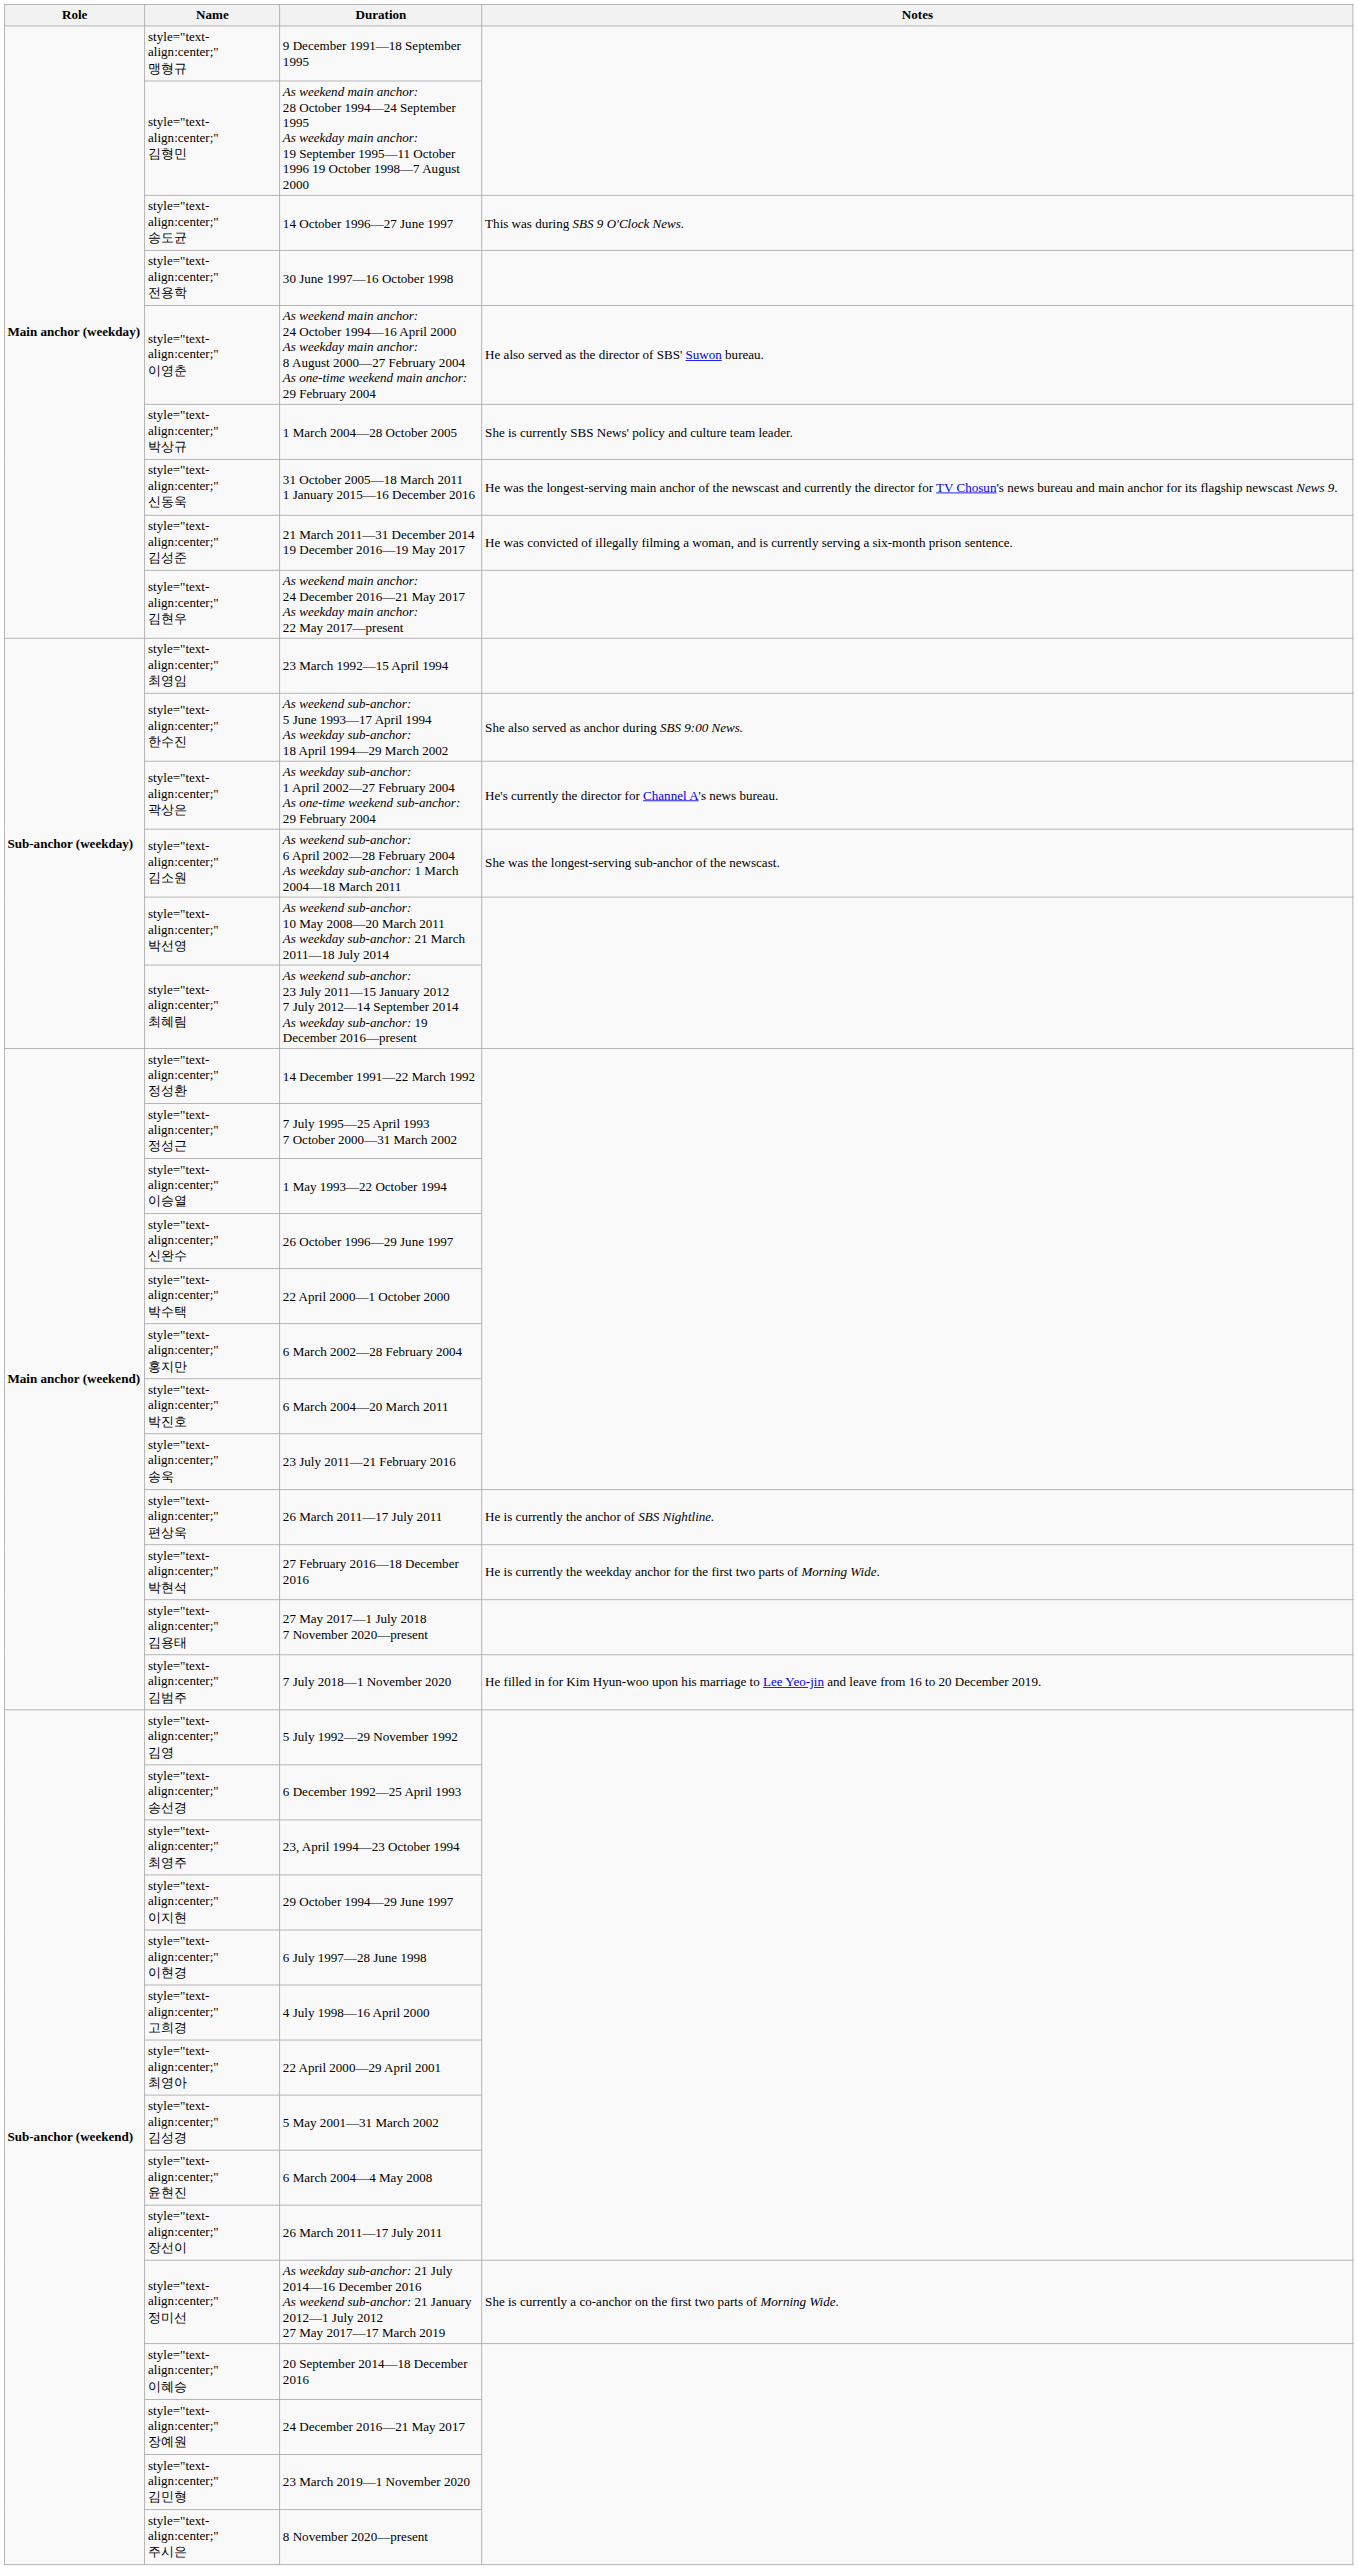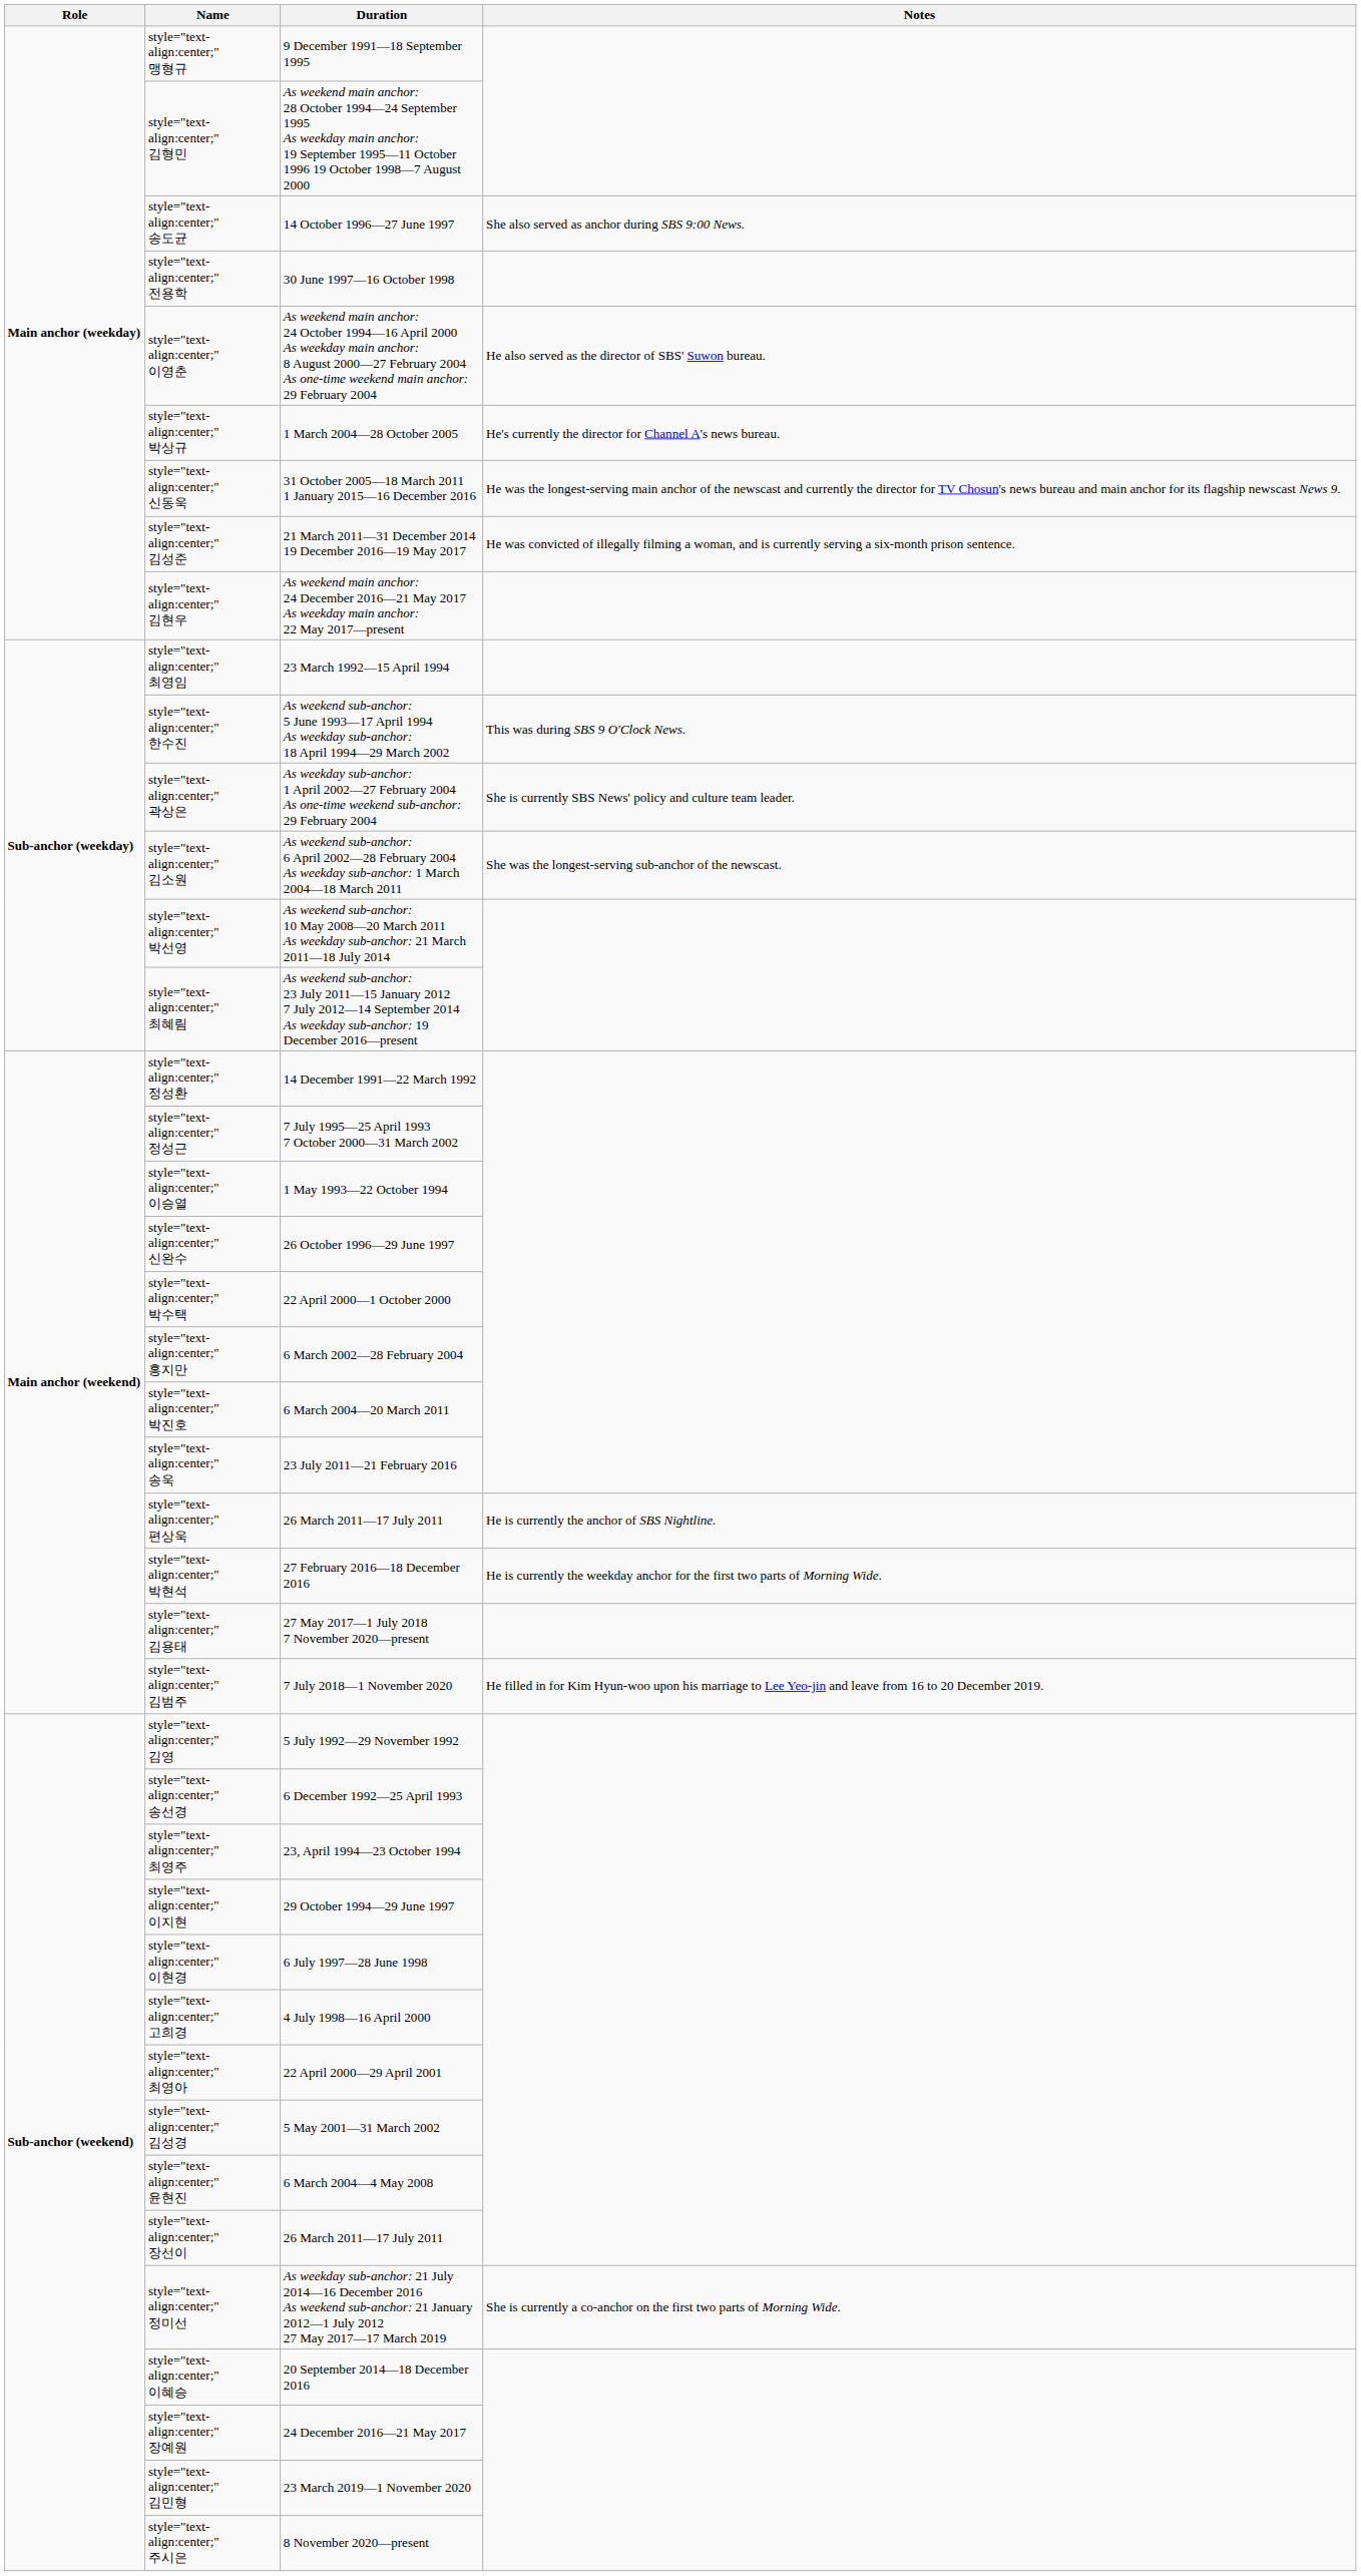 <table class="wikitable" style="font-size:95%;">
 <tr>
 <th>Role</th>
 <th style="width:10%; text-align:center;">Name</th>
 <th style="width:15%; text-align:center;">Duration</th>
 <th>Notes</th>
 </tr>
 <tr>
 <td rowspan="9"><strong>Main anchor (weekday)</strong></td>
 <td>style="text-align:center;" <br>맹형규</td>
 <td>9 December 1991—18 September 1995</td>
 <td rowspan="2"></td>
 </tr>
 <tr>
 <td>style="text-align:center;" <br>김형민</td>
 <td><em>As weekend main anchor:</em><br>28 October 1994—24 September 1995<br><em>As weekday main anchor:</em><br>19 September 1995—11 October 1996 19 October 1998—7 August 2000</td>
 </tr>
 <tr>
 <td>style="text-align:center;" <br>송도균</td>
 <td>14 October 1996—27 June 1997</td>
-<td>This was during <em>SBS 9 O'Clock News.</em></td>
+<td>She also served as anchor during <em>SBS 9:00 News.</em></td>
 </tr>
 <tr>
 <td>style="text-align:center;" <br>전용학</td>
 <td>30 June 1997—16 October 1998</td>
 <td></td>
 </tr>
 <tr>
 <td>style="text-align:center;" <br>이영춘</td>
 <td><em>As weekend main anchor:</em><br>24 October 1994—16 April 2000<br><em>As weekday main anchor:</em><br>8 August 2000—27 February 2004<br><em>As one-time weekend main anchor:</em><br>29 February 2004</td>
 <td>He also served as the director of SBS' <a href='#'>Suwon</a> bureau.</td>
 </tr>
 <tr>
 <td>style="text-align:center;" <br>박상규</td>
 <td>1 March 2004—28 October 2005</td>
-<td>She is currently SBS News' policy and culture team leader.</td>
+<td>He's currently the director for <a href='#'>Channel A</a>'s news bureau.</td>
 </tr>
 <tr>
 <td>style="text-align:center;" <br>신동욱</td>
 <td>31 October 2005—18 March 2011<br>1 January 2015—16 December 2016</td>
 <td>He was the longest-serving main anchor of the newscast and currently the director for <a href='#'>TV Chosun</a>'s news bureau and main anchor for its flagship newscast <em>News 9</em>.</td>
 </tr>
 <tr>
 <td>style="text-align:center;" <br>김성준</td>
 <td>21 March 2011—31 December 2014<br>19 December 2016—19 May 2017</td>
 <td>He was convicted of illegally filming a woman, and is currently serving a six-month prison sentence.</td>
 </tr>
 <tr>
 <td>style="text-align:center;" <br>김현우</td>
 <td><em>As weekend main anchor:</em><br>24 December 2016—21 May 2017<br><em>As weekday main anchor:</em><br>22 May 2017—present</td>
 <td></td>
 </tr>
 <tr>
 <td rowspan="6"><strong>Sub-anchor (weekday)</strong></td>
 <td>style="text-align:center;" <br>최영임</td>
 <td>23 March 1992—15 April 1994</td>
 <td></td>
 </tr>
 <tr>
 <td>style="text-align:center;" <br>한수진</td>
 <td><em>As weekend sub-anchor:</em><br>5 June 1993—17 April 1994<br><em>As weekday sub-anchor:</em><br>18 April 1994—29 March 2002</td>
-<td>She also served as anchor during <em>SBS 9:00 News.</em></td>
+<td>This was during <em>SBS 9 O'Clock News.</em></td>
 </tr>
 <tr>
 <td>style="text-align:center;" <br>곽상은</td>
 <td><em>As weekday sub-anchor:</em><br>1 April 2002—27 February 2004<br><em>As one-time weekend sub-anchor:</em><br>29 February 2004</td>
-<td>He's currently the director for <a href='#'>Channel A</a>'s news bureau.</td>
+<td>She is currently SBS News' policy and culture team leader.</td>
 </tr>
 <tr>
 <td>style="text-align:center;" <br>김소원</td>
 <td><em>As weekend sub-anchor:</em><br>6 April 2002—28 February 2004<br><em>As weekday sub-anchor:</em> 1 March 2004—18 March 2011</td>
 <td>She was the longest-serving sub-anchor of the newscast.</td>
 </tr>
 <tr>
 <td>style="text-align:center;" <br>박선영</td>
 <td><em>As weekend sub-anchor:</em><br>10 May 2008—20 March 2011<br><em>As weekday sub-anchor:</em> 21 March 2011—18 July 2014</td>
 <td rowspan="2"></td>
 </tr>
 <tr>
 <td>style="text-align:center;" <br>최혜림</td>
 <td><em>As weekend sub-anchor:</em><br>23 July 2011—15 January 2012<br>7 July 2012—14 September 2014<br><em>As weekday sub-anchor:</em> 19 December 2016—present</td>
 </tr>
 <tr>
 <td rowspan="12"><strong>Main anchor (weekend)</strong></td>
 <td>style="text-align:center;" <br>정성환</td>
 <td>14 December 1991—22 March 1992</td>
 <td rowspan="8"></td>
 </tr>
 <tr>
 <td>style="text-align:center;" <br>정성근</td>
 <td>7 July 1995—25 April 1993<br>7 October 2000—31 March 2002</td>
 </tr>
 <tr>
 <td>style="text-align:center;" <br>이승열</td>
 <td>1 May 1993—22 October 1994</td>
 </tr>
 <tr>
 <td>style="text-align:center;" <br>신완수</td>
 <td>26 October 1996—29 June 1997</td>
 </tr>
 <tr>
 <td>style="text-align:center;" <br>박수택</td>
 <td>22 April 2000—1 October 2000</td>
 </tr>
 <tr>
 <td>style="text-align:center;" <br>홍지만</td>
 <td>6 March 2002—28 February 2004</td>
 </tr>
 <tr>
 <td>style="text-align:center;" <br>박진호</td>
 <td>6 March 2004—20 March 2011</td>
 </tr>
 <tr>
 <td>style="text-align:center;" <br>송욱</td>
 <td>23 July 2011—21 February 2016</td>
 </tr>
 <tr>
 <td>style="text-align:center;" <br>편상욱</td>
 <td>26 March 2011—17 July 2011</td>
 <td>He is currently the anchor of <em>SBS Nightline.</em></td>
 </tr>
 <tr>
 <td>style="text-align:center;" <br>박현석</td>
 <td>27 February 2016—18 December 2016</td>
 <td>He is currently the weekday anchor for the first two parts of <em>Morning Wide</em>.</td>
 </tr>
 <tr>
 <td>style="text-align:center;" <br>김용태</td>
 <td>27 May 2017—1 July 2018<br>7 November 2020—present</td>
 <td></td>
 </tr>
 <tr>
 <td>style="text-align:center;" <br>김범주</td>
 <td>7 July 2018—1 November 2020</td>
 <td>He filled in for Kim Hyun-woo upon his marriage to <a href='#'>Lee Yeo-jin</a> and leave from 16 to 20 December 2019.</td>
 </tr>
 <tr>
 <td rowspan="15"><strong>Sub-anchor (weekend)</strong></td>
 <td>style="text-align:center;" <br>김영</td>
 <td>5 July 1992—29 November 1992</td>
 <td rowspan="10"></td>
 </tr>
 <tr>
 <td>style="text-align:center;" <br>송선경</td>
 <td>6 December 1992—25 April 1993</td>
 </tr>
 <tr>
 <td>style="text-align:center;" <br>최영주</td>
 <td>23, April 1994—23 October 1994</td>
 </tr>
 <tr>
 <td>style="text-align:center;" <br>이지현</td>
 <td>29 October 1994—29 June 1997</td>
 </tr>
 <tr>
 <td>style="text-align:center;" <br>이현경</td>
 <td>6 July 1997—28 June 1998</td>
 </tr>
 <tr>
 <td>style="text-align:center;" <br>고희경</td>
 <td>4 July 1998—16 April 2000</td>
 </tr>
 <tr>
 <td>style="text-align:center;" <br>최영아</td>
 <td>22 April 2000—29 April 2001</td>
 </tr>
 <tr>
 <td>style="text-align:center;" <br>김성경</td>
 <td>5 May 2001—31 March 2002</td>
 </tr>
 <tr>
 <td>style="text-align:center;" <br>윤현진</td>
 <td>6 March 2004—4 May 2008</td>
 </tr>
 <tr>
 <td>style="text-align:center;" <br>장선이</td>
 <td>26 March 2011—17 July 2011</td>
 </tr>
 <tr>
 <td>style="text-align:center;" <br>정미선</td>
 <td><em>As weekday sub-anchor:</em> 21 July 2014—16 December 2016<br><em>As weekend sub-anchor:</em> 21 January 2012—1 July 2012<br>27 May 2017—17 March 2019</td>
 <td>She is currently a co-anchor on the first two parts of <em>Morning Wide</em>.</td>
 </tr>
 <tr>
 <td>style="text-align:center;" <br>이혜승</td>
 <td>20 September 2014—18 December 2016</td>
 <td rowspan="4"></td>
 </tr>
 <tr>
 <td>style="text-align:center;" <br>장예원</td>
 <td>24 December 2016—21 May 2017</td>
 </tr>
 <tr>
 <td>style="text-align:center;" <br>김민형</td>
 <td>23 March 2019—1 November 2020</td>
 </tr>
 <tr>
 <td>style="text-align:center;" <br>주시은</td>
 <td>8 November 2020—present</td>
 </tr>
 </table>
